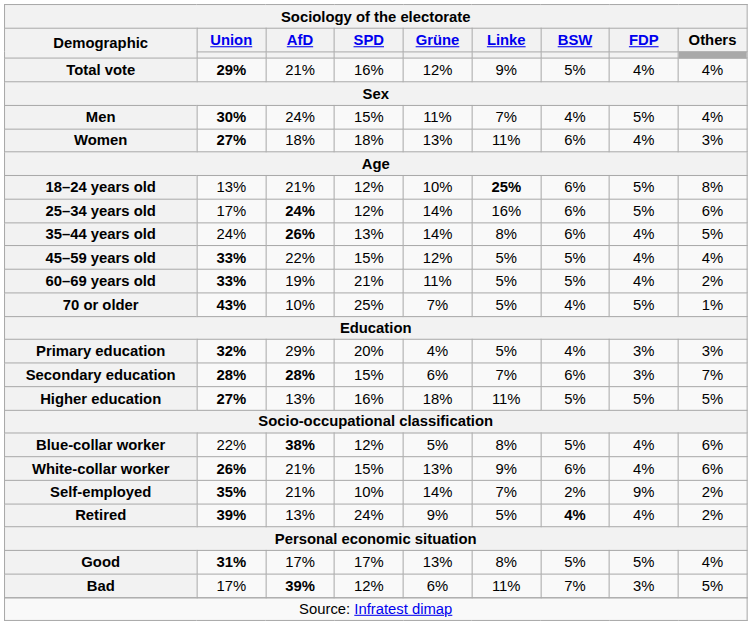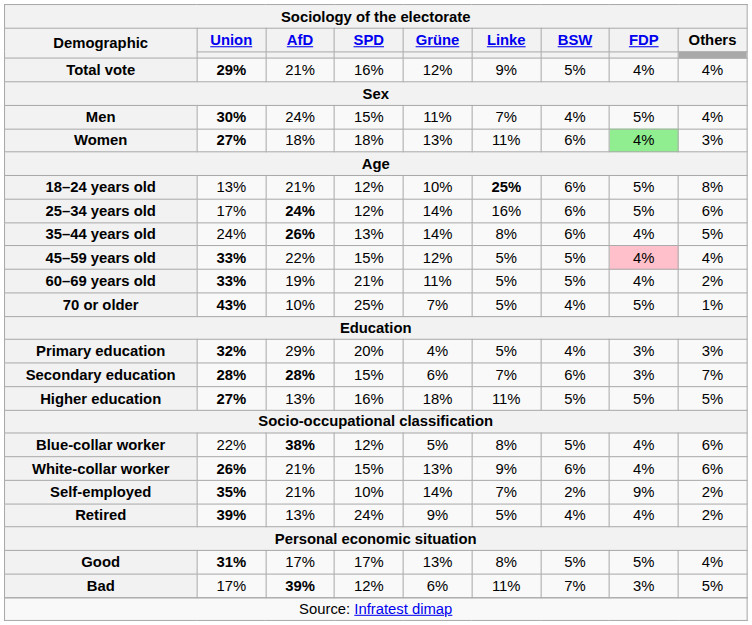 <table class="wikitable unsortable" style="font-size:90%;text-align:center;">
 <tr>
 <th colspan="10">Sociology of the electorate</th>
 </tr>
 <tr>
 <th scope="col" colspan="2" rowspan="2" class="unsortable" style="width:180px;">Demographic</th>
 <th scope="col" style="width:60px;"><a href='#'>Union</a></th>
 <th scope="col" style="width:60px;"><a href='#'>AfD</a></th>
 <th scope="col" style="width:60px;"><a href='#'>SPD</a></th>
 <th scope="col" style="width:60px;"><a href='#'>Grüne</a></th>
 <th scope="col" style="width:60px;"><a href='#'>Linke</a></th>
 <th scope="col" style="width:60px;"><a href='#'>BSW</a></th>
 <th scope="col" style="width:60px;"><a href='#'>FDP</a></th>
 <th scope="col" style="width:60px;">Others</th>
 </tr>
 <tr>
 <th style="background-color: "></th>
 <th style="background-color: "></th>
 <th style="background-color: "></th>
 <th style="background-color: "></th>
 <th style="background-color: "></th>
 <th style="background-color: "></th>
 <th style="background-color: "></th>
 <th style="background-color: #a9a9a9"></th>
 </tr>
 <tr>
 <th colspan="2">Total vote</th>
 <td><strong>29%</strong></td>
 <td>21%</td>
 <td>16%</td>
 <td>12%</td>
 <td>9%</td>
 <td>5%</td>
 <td>4%</td>
 <td>4%</td>
 </tr>
 <tr class="sortbottom">
 <th colspan="10">Sex</th>
 </tr>
 <tr>
 <th colspan="2">Men</th>
 <td><strong>30%</strong></td>
 <td>24%</td>
 <td>15%</td>
 <td>11%</td>
 <td>7%</td>
 <td>4%</td>
 <td>5%</td>
 <td>4%</td>
 </tr>
 <tr>
 <th colspan="2">Women</th>
 <td><strong>27%</strong></td>
 <td>18%</td>
 <td>18%</td>
 <td>13%</td>
 <td>11%</td>
 <td>6%</td>
-<td>4%</td>
+<td style="background: lightgreen;">4%</td>
 <td>3%</td>
 </tr>
 <tr>
 <th colspan="10">Age</th>
 </tr>
 <tr>
 <th colspan="2">18–24 years old</th>
 <td>13%</td>
 <td>21%</td>
 <td>12%</td>
 <td>10%</td>
 <td><strong>25%</strong></td>
 <td>6%</td>
 <td>5%</td>
 <td>8%</td>
 </tr>
 <tr>
 <th colspan="2">25–34 years old</th>
 <td>17%</td>
 <td><strong>24%</strong></td>
 <td>12%</td>
 <td>14%</td>
 <td>16%</td>
 <td>6%</td>
 <td>5%</td>
 <td>6%</td>
 </tr>
 <tr>
 <th colspan="2">35–44 years old</th>
 <td>24%</td>
 <td><strong>26%</strong></td>
 <td>13%</td>
 <td>14%</td>
 <td>8%</td>
 <td>6%</td>
 <td>4%</td>
 <td>5%</td>
 </tr>
 <tr>
 <th colspan="2">45–59 years old</th>
 <td><strong>33%</strong></td>
 <td>22%</td>
 <td>15%</td>
 <td>12%</td>
 <td>5%</td>
 <td>5%</td>
-<td>4%</td>
+<td style="background: pink;">4%</td>
 <td>4%</td>
 </tr>
 <tr>
 <th colspan="2">60–69 years old</th>
 <td><strong>33%</strong></td>
 <td>19%</td>
 <td>21%</td>
 <td>11%</td>
 <td>5%</td>
 <td>5%</td>
 <td>4%</td>
 <td>2%</td>
 </tr>
 <tr>
 <th colspan="2">70 or older</th>
 <td><strong>43%</strong></td>
 <td>10%</td>
 <td>25%</td>
 <td>7%</td>
 <td>5%</td>
 <td>4%</td>
 <td>5%</td>
 <td>1%</td>
 </tr>
 <tr>
 <th colspan="10">Education</th>
 </tr>
 <tr>
 <th colspan="2">Primary education</th>
 <td><strong>32%</strong></td>
 <td>29%</td>
 <td>20%</td>
 <td>4%</td>
 <td>5%</td>
 <td>4%</td>
 <td>3%</td>
 <td>3%</td>
 </tr>
 <tr>
 <th colspan="2">Secondary education</th>
 <td><strong>28%</strong></td>
 <td><strong>28%</strong></td>
 <td>15%</td>
 <td>6%</td>
 <td>7%</td>
 <td>6%</td>
 <td>3%</td>
 <td>7%</td>
 </tr>
 <tr>
 <th colspan="2">Higher education</th>
 <td><strong>27%</strong></td>
 <td>13%</td>
 <td>16%</td>
 <td>18%</td>
 <td>11%</td>
 <td>5%</td>
 <td>5%</td>
 <td>5%</td>
 </tr>
 <tr>
 <th colspan="10">Socio-occupational classification</th>
 </tr>
 <tr>
 <th colspan="2">Blue-collar worker</th>
 <td>22%</td>
 <td><strong>38%</strong></td>
 <td>12%</td>
 <td>5%</td>
 <td>8%</td>
 <td>5%</td>
 <td>4%</td>
 <td>6%</td>
 </tr>
 <tr>
 <th colspan="2">White-collar worker</th>
 <td><strong>26%</strong></td>
 <td>21%</td>
 <td>15%</td>
 <td>13%</td>
 <td>9%</td>
 <td>6%</td>
 <td>4%</td>
 <td>6%</td>
 </tr>
 <tr>
 <th colspan="2">Self-employed</th>
 <td><strong>35%</strong></td>
 <td>21%</td>
 <td>10%</td>
 <td>14%</td>
 <td>7%</td>
 <td>2%</td>
 <td>9%</td>
 <td>2%</td>
 </tr>
 <tr>
 <th colspan="2">Retired</th>
 <td><strong>39%</strong></td>
 <td>13%</td>
 <td>24%</td>
 <td>9%</td>
 <td>5%</td>
-<td><strong>4%</strong></td>
+<td>4%</td>
 <td>4%</td>
 <td>2%</td>
 </tr>
 <tr>
 <th colspan="10">Personal economic situation</th>
 </tr>
 <tr>
 <th colspan="2">Good</th>
 <td><strong>31%</strong></td>
 <td>17%</td>
 <td>17%</td>
 <td>13%</td>
 <td>8%</td>
 <td>5%</td>
 <td>5%</td>
 <td>4%</td>
 </tr>
 <tr>
 <th colspan="2">Bad</th>
 <td>17%</td>
 <td><strong>39%</strong></td>
 <td>12%</td>
 <td>6%</td>
 <td>11%</td>
 <td>7%</td>
 <td>3%</td>
 <td>5%</td>
 </tr>
 <tr>
 </tr>
 <tr class="sortbottom">
 <td colspan="14">Source: <a href='#'>Infratest dimap</a></td>
 </tr>
 </table>
